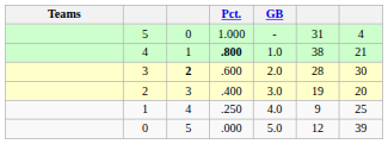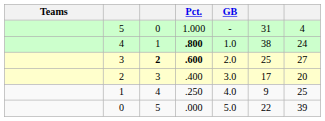 <table class="wikitable" style="text-align:center;">
 <tr>
 <th width=150px>Teams</th>
 <th width=50px></th>
 <th width=50px></th>
 <th width=50px><a href='#'>Pct.</a></th>
 <th width=50px><a href='#'>GB</a></th>
 <th width=50px></th>
 <th width=50px></th>
 </tr>
 <tr style="background-color:#ccffcc">
 <td align=left></td>
 <td>5</td>
 <td>0</td>
 <td>1.000</td>
 <td>-</td>
 <td>31</td>
 <td>4</td>
 </tr>
 <tr style="background-color:#ccffcc">
 <td align=left></td>
 <td>4</td>
 <td>1</td>
 <td><strong>.800</strong></td>
 <td>1.0</td>
 <td>38</td>
-<td>21</td>
+<td>24</td>
 </tr>
 <tr style="background-color:#ffffcc">
 <td align=left></td>
 <td>3</td>
 <td><strong>2</strong></td>
-<td>.600</td>
+<td><strong>.600</strong></td>
 <td>2.0</td>
-<td>28</td>
-<td>30</td>
+<td>25</td>
+<td>27</td>
 </tr>
 <tr style="background-color:#ffffcc">
 <td align=left></td>
 <td>2</td>
 <td>3</td>
 <td>.400</td>
 <td>3.0</td>
-<td>19</td>
+<td>17</td>
 <td>20</td>
 </tr>
 <tr style="background-color:">
 <td align=left></td>
 <td>1</td>
 <td>4</td>
 <td>.250</td>
 <td>4.0</td>
 <td>9</td>
 <td>25</td>
 </tr>
 <tr style="background-color:">
 <td align=left></td>
 <td>0</td>
 <td>5</td>
 <td>.000</td>
 <td>5.0</td>
-<td>12</td>
+<td>22</td>
 <td>39</td>
 </tr>
 </table>
